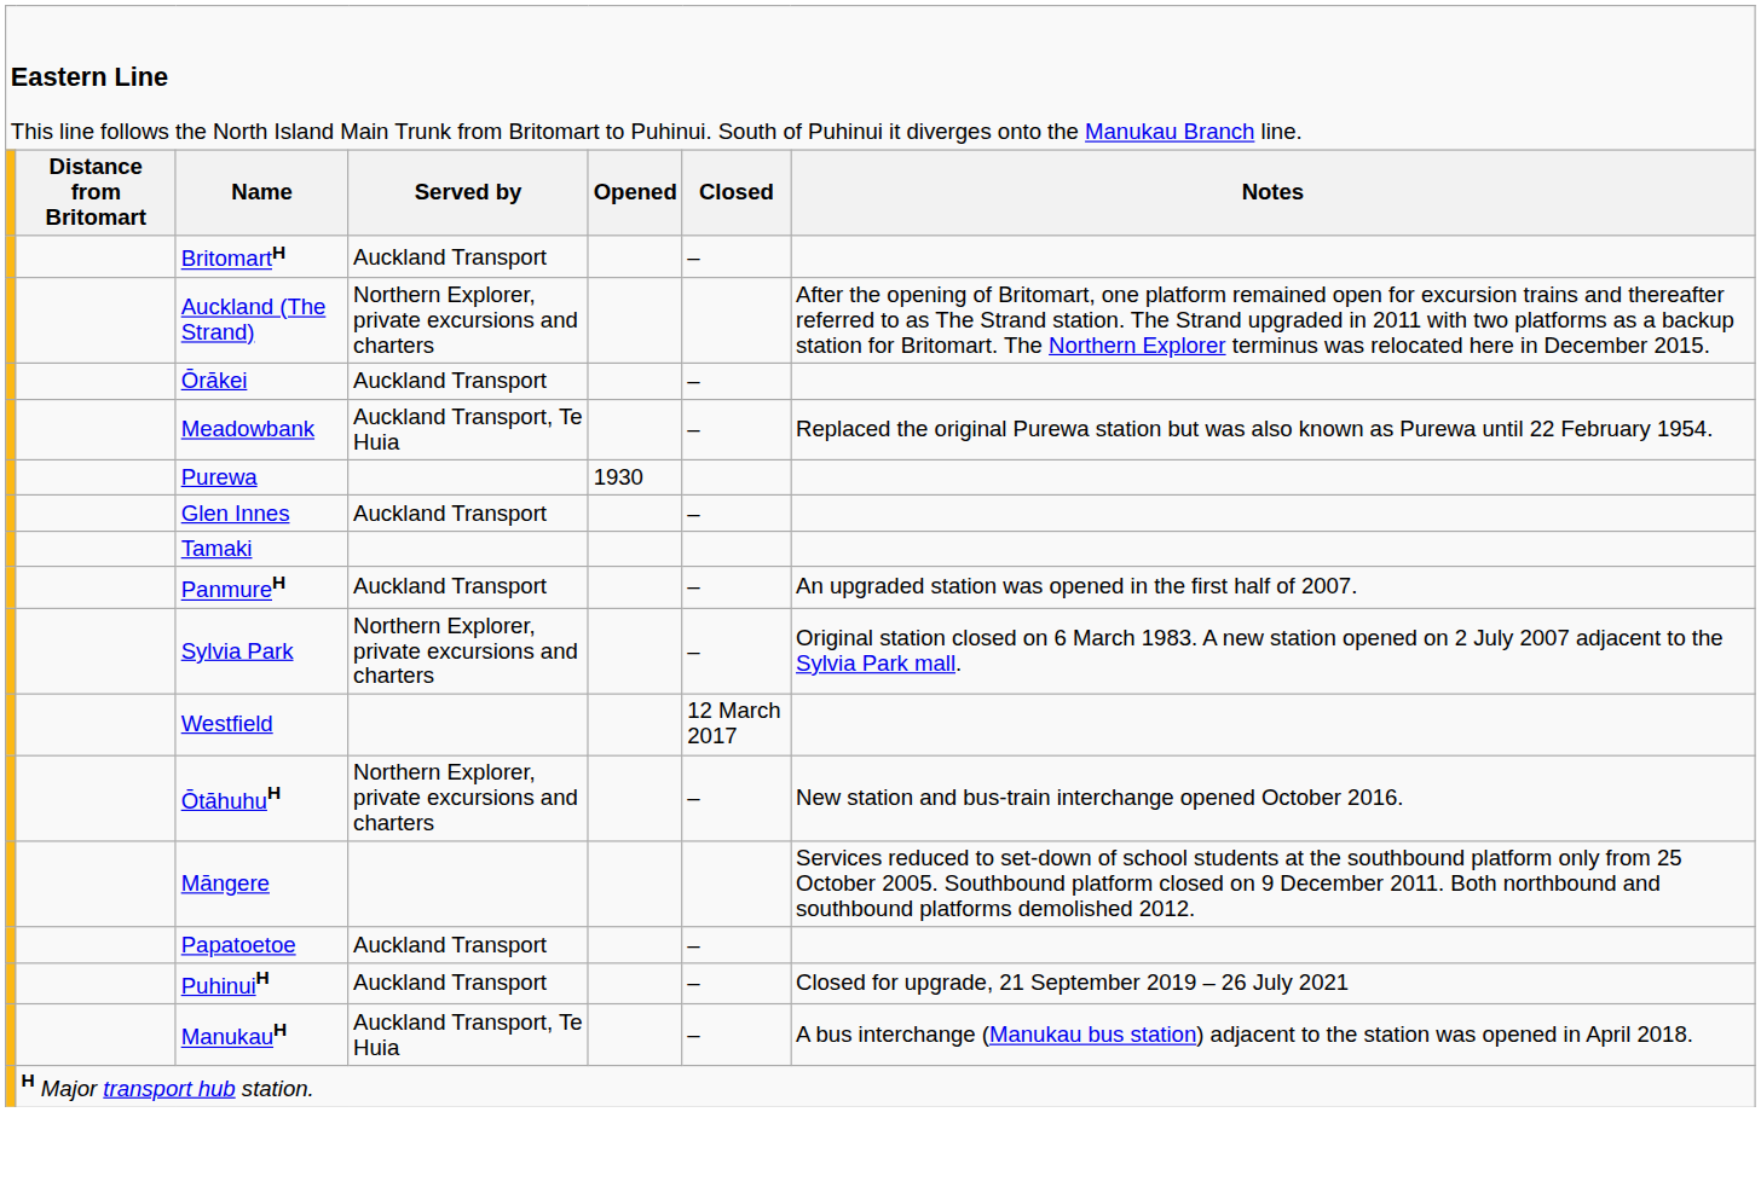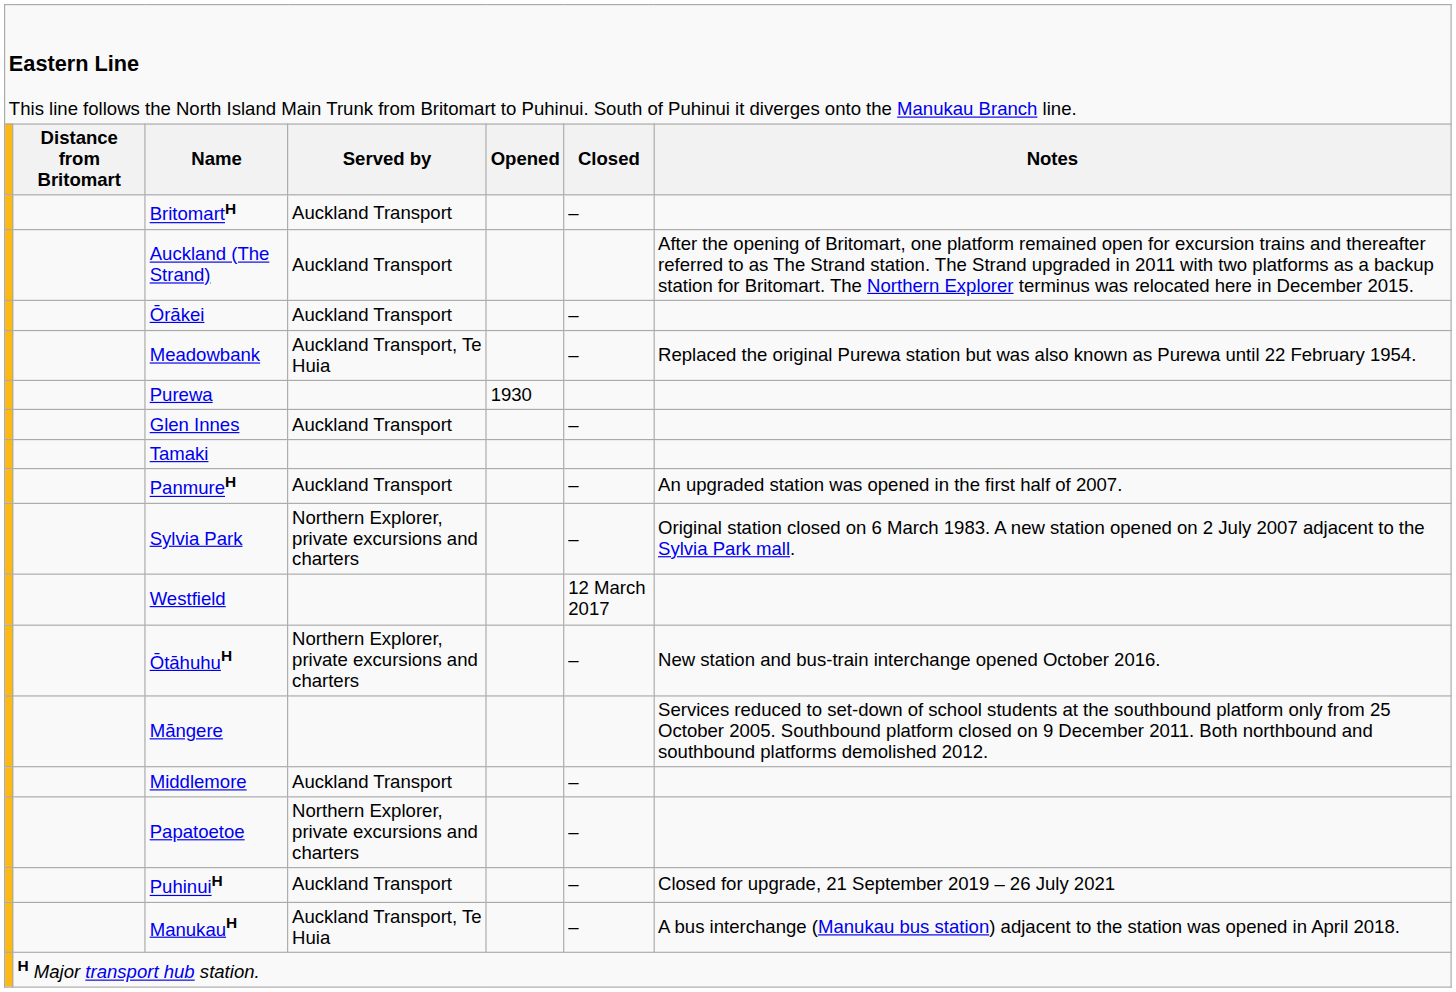 <table class="wikitable">
 <tr>
 <td align="left" colspan=7><br><h3>Eastern Line</h3> This line follows the North Island Main Trunk from Britomart to Puhinui. South of Puhinui it diverges onto the <a href='#'>Manukau Branch</a> line.</td>
 </tr>
 <tr>
 <td bgcolor=#fdb913></td>
 <th>Distance from Britomart</th>
 <th>Name</th>
 <th>Served by</th>
 <th>Opened</th>
 <th>Closed</th>
 <th>Notes</th>
 </tr>
 <tr>
 <td bgcolor=#fdb913></td>
 <td></td>
 <td><a href='#'>Britomart</a><strong><sup>H</sup></strong></td>
 <td>Auckland Transport</td>
 <td></td>
 <td>–</td>
 <td></td>
 </tr>
 <tr>
 <td bgcolor=#fdb913></td>
 <td></td>
 <td><a href='#'>Auckland (The Strand)</a></td>
-<td>Northern Explorer, private excursions and charters</td>
+<td>Auckland Transport</td>
 <td></td>
 <td></td>
 <td>After the opening of Britomart, one platform remained open for excursion trains and thereafter referred to as The Strand station. The Strand upgraded in 2011 with two platforms as a backup station for Britomart. The <a href='#'>Northern Explorer</a> terminus was relocated here in December 2015.</td>
 </tr>
 <tr>
 <td bgcolor=#fdb913></td>
 <td></td>
 <td><a href='#'>Ōrākei</a></td>
 <td>Auckland Transport</td>
 <td></td>
 <td>–</td>
 <td></td>
 </tr>
 <tr>
 <td bgcolor=#fdb913></td>
 <td></td>
 <td><a href='#'>Meadowbank</a></td>
 <td>Auckland Transport, Te Huia</td>
 <td></td>
 <td>–</td>
 <td>Replaced the original Purewa station but was also known as Purewa until 22 February 1954.</td>
 </tr>
 <tr>
 <td bgcolor=#fdb913></td>
 <td></td>
 <td><a href='#'>Purewa</a></td>
 <td></td>
 <td>1930</td>
 <td></td>
 <td></td>
 </tr>
 <tr>
 <td bgcolor=#fdb913></td>
 <td></td>
 <td><a href='#'>Glen Innes</a></td>
 <td>Auckland Transport</td>
 <td></td>
 <td>–</td>
 <td></td>
 </tr>
 <tr>
 <td bgcolor=#fdb913></td>
 <td></td>
 <td><a href='#'>Tamaki</a></td>
 <td></td>
 <td></td>
 <td></td>
 <td></td>
 </tr>
 <tr>
 <td bgcolor=#fdb913></td>
 <td></td>
 <td><a href='#'>Panmure</a><strong><sup>H</sup></strong></td>
 <td>Auckland Transport</td>
 <td></td>
 <td>–</td>
 <td>An upgraded station was opened in the first half of 2007.</td>
 </tr>
 <tr>
 <td bgcolor=#fdb913></td>
 <td></td>
 <td><a href='#'>Sylvia Park</a></td>
 <td>Northern Explorer, private excursions and charters</td>
 <td></td>
 <td>–</td>
 <td>Original station closed on 6 March 1983. A new station opened on 2 July 2007 adjacent to the <a href='#'>Sylvia Park mall</a>.</td>
 </tr>
 <tr>
 <td bgcolor=#fdb913></td>
 <td></td>
 <td><a href='#'>Westfield</a></td>
 <td></td>
 <td></td>
 <td>12 March 2017</td>
 <td></td>
 </tr>
 <tr>
 <td bgcolor=#fdb913></td>
 <td></td>
 <td><a href='#'>Ōtāhuhu</a><strong><sup>H</sup></strong></td>
 <td>Northern Explorer, private excursions and charters</td>
 <td></td>
 <td>–</td>
 <td>New station and bus-train interchange opened October 2016.</td>
 </tr>
 <tr>
 <td bgcolor=#fdb913></td>
 <td></td>
 <td><a href='#'>Māngere</a></td>
 <td></td>
 <td> </td>
 <td></td>
 <td>Services reduced to set-down of school students at the southbound platform only from 25 October 2005. Southbound platform closed on 9 December 2011. Both northbound and southbound platforms demolished 2012.</td>
 </tr>
 <tr>
 <td bgcolor=#fdb913></td>
 <td></td>
+<td><a href='#'>Middlemore</a></td>
+<td>Auckland Transport</td>
+<td></td>
+<td>–</td>
+<td></td>
+</tr>
+<tr>
+<td bgcolor=#fdb913></td>
+<td></td>
 <td><a href='#'>Papatoetoe</a></td>
-<td>Auckland Transport</td>
+<td>Northern Explorer, private excursions and charters</td>
 <td></td>
 <td>–</td>
 <td></td>
 </tr>
 <tr>
 <td bgcolor=#fdb913></td>
 <td></td>
 <td><a href='#'>Puhinui</a><strong><sup>H</sup></strong></td>
 <td>Auckland Transport</td>
 <td></td>
 <td>–</td>
 <td>Closed for upgrade, 21 September 2019 – 26 July 2021</td>
 </tr>
 <tr>
 <td bgcolor=#fdb913></td>
 <td></td>
 <td><a href='#'>Manukau</a><strong><sup>H</sup></strong></td>
 <td>Auckland Transport, Te Huia</td>
 <td></td>
 <td>–</td>
 <td>A bus interchange (<a href='#'>Manukau bus station</a>) adjacent to the station was opened in April 2018.</td>
 </tr>
 <tr>
 <td bgcolor=#fdb913></td>
 <td colspan=6><strong><sup>H</sup></strong> <em>Major <a href='#'>transport hub</a> station.</em></td>
 </tr>
 </table>
